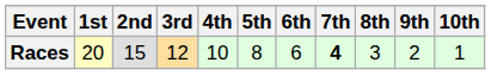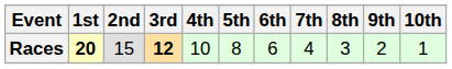 <table class="wikitable" style="font-size: 85%; text-align:center;">
 <tr>
 </tr>
 <tr>
 <th>Event</th>
 <th>1st</th>
 <th>2nd</th>
 <th>3rd</th>
 <th>4th</th>
 <th>5th</th>
 <th>6th</th>
 <th>7th</th>
 <th>8th</th>
 <th>9th</th>
 <th>10th</th>
 </tr>
 <tr>
 <th>Races</th>
-<td style="background:#FFFFBF;">20</td>
+<td style="background:#FFFFBF;"><strong>20</strong></td>
 <td style="background:#DFDFDF;">15</td>
-<td style="background:#FFDF9F;">12</td>
+<td style="background:#FFDF9F;"><strong>12</strong></td>
 <td style="background:#DFFFDF;">10</td>
 <td style="background:#DFFFDF;">8</td>
 <td style="background:#DFFFDF;">6</td>
-<td style="background:#DFFFDF;"><strong>4</strong></td>
+<td style="background:#DFFFDF;">4</td>
 <td style="background:#DFFFDF;">3</td>
 <td style="background:#DFFFDF;">2</td>
 <td style="background:#DFFFDF;">1</td>
 </tr>
 <tr>
 </tr>
 </table>
